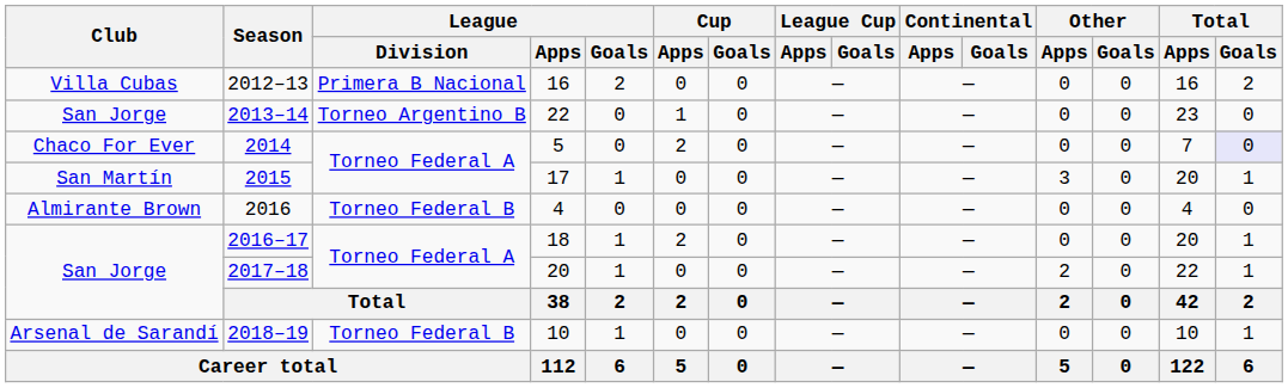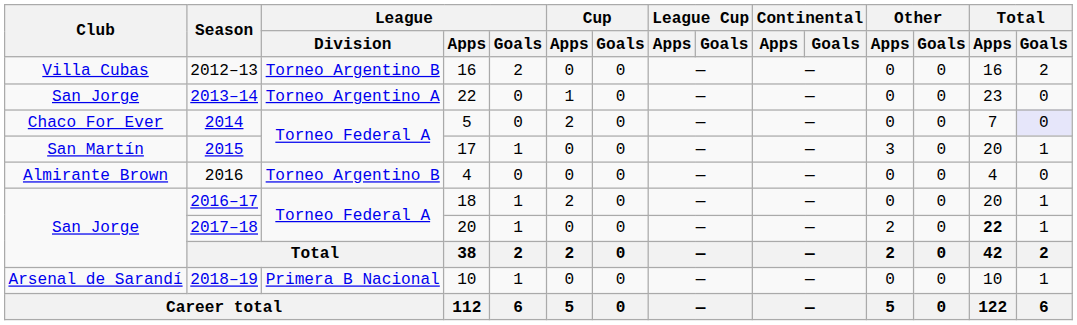 <table class="wikitable" style="text-align:center">
 <tr>
 <th rowspan="2">Club</th>
 <th rowspan="2">Season</th>
 <th colspan="3">League</th>
 <th colspan="2">Cup</th>
 <th colspan="2">League Cup</th>
 <th colspan="2">Continental</th>
 <th colspan="2">Other</th>
 <th colspan="2">Total</th>
 </tr>
 <tr>
 <th>Division</th>
 <th>Apps</th>
 <th>Goals</th>
 <th>Apps</th>
 <th>Goals</th>
 <th>Apps</th>
 <th>Goals</th>
 <th>Apps</th>
 <th>Goals</th>
 <th>Apps</th>
 <th>Goals</th>
 <th>Apps</th>
 <th>Goals</th>
 </tr>
 <tr>
 <td rowspan="1"><a href='#'>Villa Cubas</a></td>
 <td>2012–13</td>
-<td rowspan="1"><a href='#'>Primera B Nacional</a></td>
+<td rowspan="1"><a href='#'>Torneo Argentino B</a></td>
 <td>16</td>
 <td>2</td>
 <td>0</td>
 <td>0</td>
 <td colspan="2">—</td>
 <td colspan="2">—</td>
 <td>0</td>
 <td>0</td>
 <td>16</td>
 <td>2</td>
 </tr>
 <tr>
 <td rowspan="1"><a href='#'>San Jorge</a></td>
 <td><a href='#'>2013–14</a></td>
-<td rowspan="1"><a href='#'>Torneo Argentino B</a></td>
+<td rowspan="1"><a href='#'>Torneo Argentino A</a></td>
 <td>22</td>
 <td>0</td>
 <td>1</td>
 <td>0</td>
 <td colspan="2">—</td>
 <td colspan="2">—</td>
 <td>0</td>
 <td>0</td>
 <td>23</td>
 <td>0</td>
 </tr>
 <tr>
 <td rowspan="1"><a href='#'>Chaco For Ever</a></td>
 <td><a href='#'>2014</a></td>
 <td rowspan="2"><a href='#'>Torneo Federal A</a></td>
 <td>5</td>
 <td>0</td>
 <td>2</td>
 <td>0</td>
 <td colspan="2">—</td>
 <td colspan="2">—</td>
 <td>0</td>
 <td>0</td>
 <td>7</td>
 <td style="background: lavender;">0</td>
 </tr>
 <tr>
 <td rowspan="1"><a href='#'>San Martín</a></td>
 <td><a href='#'>2015</a></td>
 <td>17</td>
 <td>1</td>
 <td>0</td>
 <td>0</td>
 <td colspan="2">—</td>
 <td colspan="2">—</td>
 <td>3</td>
 <td>0</td>
 <td>20</td>
 <td>1</td>
 </tr>
 <tr>
 <td rowspan="1"><a href='#'>Almirante Brown</a></td>
 <td>2016</td>
-<td rowspan="1"><a href='#'>Torneo Federal B</a></td>
+<td rowspan="1"><a href='#'>Torneo Argentino B</a></td>
 <td>4</td>
 <td>0</td>
 <td>0</td>
 <td>0</td>
 <td colspan="2">—</td>
 <td colspan="2">—</td>
 <td>0</td>
 <td>0</td>
 <td>4</td>
 <td>0</td>
 </tr>
 <tr>
 <td rowspan="3"><a href='#'>San Jorge</a></td>
 <td><a href='#'>2016–17</a></td>
 <td rowspan="2"><a href='#'>Torneo Federal A</a></td>
 <td>18</td>
 <td>1</td>
 <td>2</td>
 <td>0</td>
 <td colspan="2">—</td>
 <td colspan="2">—</td>
 <td>0</td>
 <td>0</td>
 <td>20</td>
 <td>1</td>
 </tr>
 <tr>
 <td><a href='#'>2017–18</a></td>
 <td>20</td>
 <td>1</td>
 <td>0</td>
 <td>0</td>
 <td colspan="2">—</td>
 <td colspan="2">—</td>
 <td>2</td>
 <td>0</td>
-<td>22</td>
+<td><strong>22</strong></td>
 <td>1</td>
 </tr>
 <tr>
 <th colspan="2">Total</th>
 <th>38</th>
 <th>2</th>
 <th>2</th>
 <th>0</th>
 <th colspan="2">—</th>
 <th colspan="2">—</th>
 <th>2</th>
 <th>0</th>
 <th>42</th>
 <th>2</th>
 </tr>
 <tr>
 <td rowspan="1"><a href='#'>Arsenal de Sarandí</a></td>
 <td><a href='#'>2018–19</a></td>
-<td rowspan="1"><a href='#'>Torneo Federal B</a></td>
+<td rowspan="1"><a href='#'>Primera B Nacional</a></td>
 <td>10</td>
 <td>1</td>
 <td>0</td>
 <td>0</td>
 <td colspan="2">—</td>
 <td colspan="2">—</td>
 <td>0</td>
 <td>0</td>
 <td>10</td>
 <td>1</td>
 </tr>
 <tr>
 <th colspan="3">Career total</th>
 <th>112</th>
 <th>6</th>
 <th>5</th>
 <th>0</th>
 <th colspan="2">—</th>
 <th colspan="2">—</th>
 <th>5</th>
 <th>0</th>
 <th>122</th>
 <th>6</th>
 </tr>
 </table>
